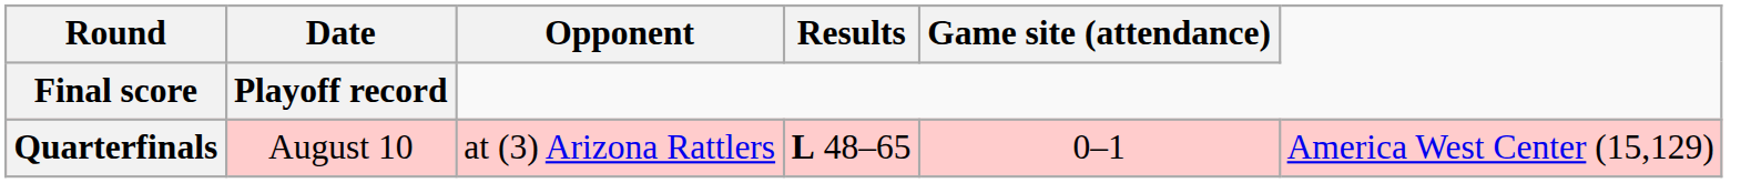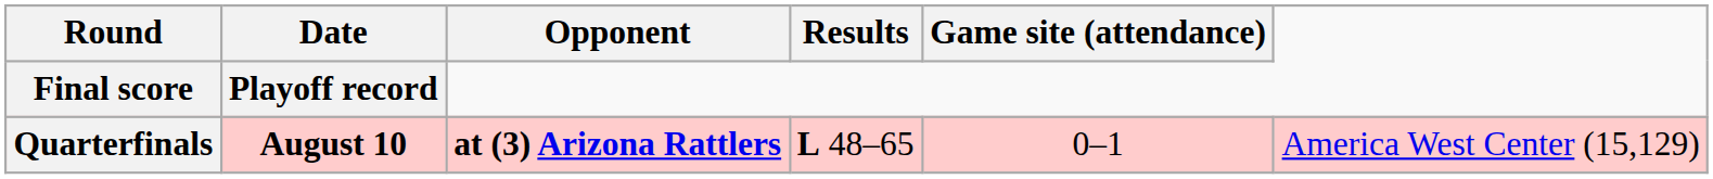 <table class="wikitable" style="font-size: 92%;" "align=center">
 <tr>
 <th>Round</th>
 <th>Date</th>
 <th>Opponent</th>
 <th>Results</th>
 <th>Game site (attendance)</th>
 </tr>
 <tr>
 <th>Final score</th>
 <th>Playoff record</th>
 </tr>
 <tr style="background:#fcc">
 <th>Quarterfinals</th>
-<td style="text-align:center;">August 10</td>
-<td style="text-align:center;">at (3) <a href='#'>Arizona Rattlers</a></td>
+<td style="text-align:center;"><strong>August 10</strong></td>
+<td style="text-align:center;"><strong>at (3) <a href='#'>Arizona Rattlers</a></strong></td>
 <td style="text-align:center;"><strong>L</strong> 48–65</td>
 <td style="text-align:center;">0–1</td>
 <td style="text-align:center;"><a href='#'>America West Center</a> (15,129)</td>
 </tr>
 </table>
